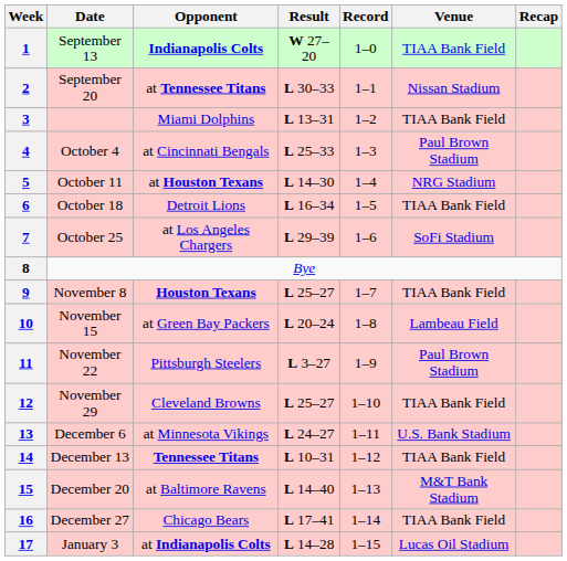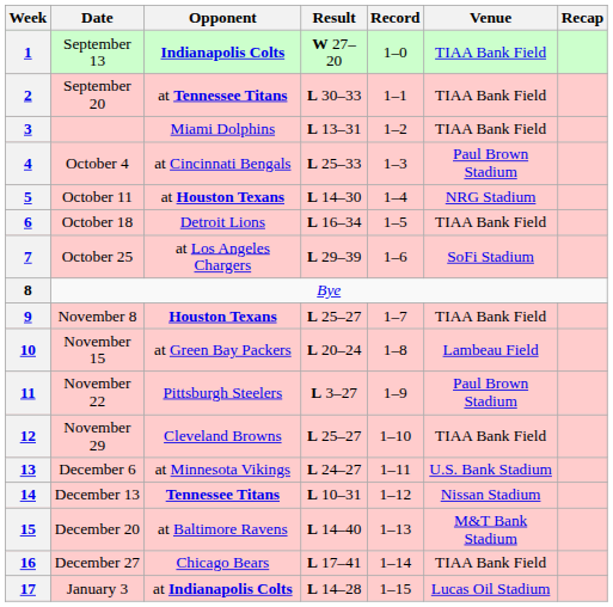 <table class="wikitable" style="text-align:center">
 <tr>
 <th>Week</th>
 <th>Date</th>
 <th>Opponent</th>
 <th>Result</th>
 <th>Record</th>
 <th>Venue</th>
 <th>Recap</th>
 </tr>
 <tr style="background:#cfc">
 <th><a href='#'>1</a></th>
 <td>September 13</td>
 <td><strong><a href='#'>Indianapolis Colts</a></strong></td>
 <td><strong>W</strong> 27–20</td>
 <td>1–0</td>
 <td><a href='#'>TIAA Bank Field</a></td>
 <td></td>
 </tr>
 <tr style="background:#fcc">
 <th><a href='#'>2</a></th>
 <td>September 20</td>
 <td>at <strong><a href='#'>Tennessee Titans</a></strong></td>
 <td><strong>L</strong> 30–33</td>
 <td>1–1</td>
-<td><a href='#'>Nissan Stadium</a></td>
+<td>TIAA Bank Field</td>
 <td></td>
 </tr>
 <tr style="background:#fcc">
 <th><a href='#'>3</a></th>
 <td></td>
 <td><a href='#'>Miami Dolphins</a></td>
 <td><strong>L</strong> 13–31</td>
 <td>1–2</td>
 <td>TIAA Bank Field</td>
 <td></td>
 </tr>
 <tr style="background:#fcc">
 <th><a href='#'>4</a></th>
 <td>October 4</td>
 <td>at <a href='#'>Cincinnati Bengals</a></td>
 <td><strong>L</strong> 25–33</td>
 <td>1–3</td>
 <td><a href='#'>Paul Brown Stadium</a></td>
 <td></td>
 </tr>
 <tr style="background:#fcc">
 <th><a href='#'>5</a></th>
 <td>October 11</td>
 <td>at <strong><a href='#'>Houston Texans</a></strong></td>
 <td><strong>L</strong> 14–30</td>
 <td>1–4</td>
 <td><a href='#'>NRG Stadium</a></td>
 <td></td>
 </tr>
 <tr style="background:#fcc">
 <th><a href='#'>6</a></th>
 <td>October 18</td>
 <td><a href='#'>Detroit Lions</a></td>
 <td><strong>L</strong> 16–34</td>
 <td>1–5</td>
 <td>TIAA Bank Field</td>
 <td></td>
 </tr>
 <tr style="background:#fcc">
 <th><a href='#'>7</a></th>
 <td>October 25</td>
 <td>at <a href='#'>Los Angeles Chargers</a></td>
 <td><strong>L</strong> 29–39</td>
 <td>1–6</td>
 <td><a href='#'>SoFi Stadium</a></td>
 <td></td>
 </tr>
 <tr>
 <th>8</th>
 <td colspan="6"><em><a href='#'>Bye</a></em></td>
 </tr>
 <tr style="background:#fcc">
 <th><a href='#'>9</a></th>
 <td>November 8</td>
 <td><strong><a href='#'>Houston Texans</a></strong></td>
 <td><strong>L</strong> 25–27</td>
 <td>1–7</td>
 <td>TIAA Bank Field</td>
 <td></td>
 </tr>
 <tr style="background:#fcc">
 <th><a href='#'>10</a></th>
 <td>November 15</td>
 <td>at <a href='#'>Green Bay Packers</a></td>
 <td><strong>L</strong> 20–24</td>
 <td>1–8</td>
 <td><a href='#'>Lambeau Field</a></td>
 <td></td>
 </tr>
 <tr style="background:#fcc">
 <th><a href='#'>11</a></th>
 <td>November 22</td>
 <td><a href='#'>Pittsburgh Steelers</a></td>
 <td><strong>L</strong> 3–27</td>
 <td>1–9</td>
 <td><a href='#'>Paul Brown Stadium</a></td>
 <td></td>
 </tr>
 <tr style="background:#fcc">
 <th><a href='#'>12</a></th>
 <td>November 29</td>
 <td><a href='#'>Cleveland Browns</a></td>
 <td><strong>L</strong> 25–27</td>
 <td>1–10</td>
 <td>TIAA Bank Field</td>
 <td></td>
 </tr>
 <tr style="background:#fcc">
 <th><a href='#'>13</a></th>
 <td>December 6</td>
 <td>at <a href='#'>Minnesota Vikings</a></td>
 <td><strong>L</strong> 24–27 </td>
 <td>1–11</td>
 <td><a href='#'>U.S. Bank Stadium</a></td>
 <td></td>
 </tr>
 <tr style="background:#fcc">
 <th><a href='#'>14</a></th>
 <td>December 13</td>
 <td><strong><a href='#'>Tennessee Titans</a></strong></td>
 <td><strong>L</strong> 10–31</td>
 <td>1–12</td>
-<td>TIAA Bank Field</td>
+<td><a href='#'>Nissan Stadium</a></td>
 <td></td>
 </tr>
 <tr style="background:#fcc">
 <th><a href='#'>15</a></th>
 <td>December 20</td>
 <td>at <a href='#'>Baltimore Ravens</a></td>
 <td><strong>L</strong> 14–40</td>
 <td>1–13</td>
 <td><a href='#'>M&T Bank Stadium</a></td>
 <td></td>
 </tr>
 <tr style="background:#fcc">
 <th><a href='#'>16</a></th>
 <td>December 27</td>
 <td><a href='#'>Chicago Bears</a></td>
 <td><strong>L</strong> 17–41</td>
 <td>1–14</td>
 <td>TIAA Bank Field</td>
 <td></td>
 </tr>
 <tr style="background:#fcc">
 <th><a href='#'>17</a></th>
 <td>January 3</td>
 <td>at <strong><a href='#'>Indianapolis Colts</a></strong></td>
 <td><strong>L</strong> 14–28</td>
 <td>1–15</td>
 <td><a href='#'>Lucas Oil Stadium</a></td>
 <td></td>
 </tr>
 </table>
